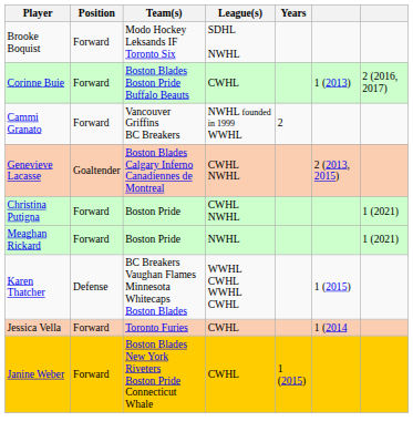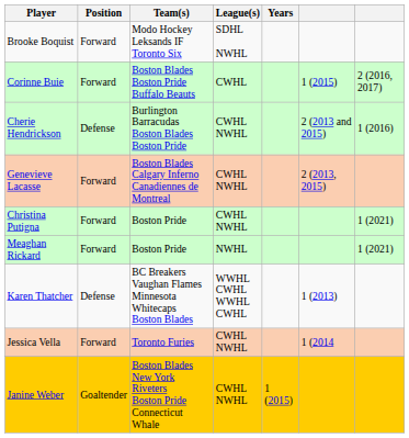 <table class="wikitable sortable">
 <tr>
 <th>Player</th>
 <th>Position</th>
 <th>Team(s)</th>
 <th>League(s)</th>
 <th>Years</th>
 <th><a href='#'></a></th>
 <th><a href='#'></a></th>
 </tr>
 <tr bgcolor=>
 <td>Brooke Boquist</td>
 <td>Forward</td>
 <td>Modo Hockey<br> Leksands IF<br><a href='#'>Toronto Six</a></td>
 <td>SDHL<br><br>NWHL</td>
 <td></td>
 <td></td>
 <td></td>
 </tr>
 <tr bgcolor=CCFFCC>
 <td><a href='#'>Corinne Buie</a></td>
 <td>Forward</td>
 <td><a href='#'>Boston Blades</a><br><a href='#'>Boston Pride</a><br><a href='#'>Buffalo Beauts</a></td>
 <td>CWHL</td>
 <td></td>
-<td>1 (<a href='#'>2013</a>)</td>
+<td>1 (<a href='#'>2015</a>)</td>
 <td>2 (2016, 2017)</td>
 </tr>
-<tr bgcolor=>
-<td><a href='#'>Cammi Granato</a></td>
-<td>Forward</td>
-<td>Vancouver Griffins<br>BC Breakers</td>
-<td>NWHL <small>founded in 1999</small><br>WWHL</td>
-<td>2</td>
+<tr bgcolor=CCFFCC>
+<td><a href='#'>Cherie Hendrickson</a></td>
+<td>Defense</td>
+<td>Burlington Barracudas<br><a href='#'>Boston Blades</a><br><a href='#'>Boston Pride</a></td>
+<td>CWHL<br>NWHL</td>
 <td></td>
-<td></td>
+<td>2 (<a href='#'>2013</a> and <a href='#'>2015</a>)</td>
+<td>1 (2016)</td>
 </tr>
 <tr bgcolor=  FBCEB1>
 <td><a href='#'>Genevieve Lacasse</a></td>
-<td>Goaltender</td>
+<td>Forward</td>
 <td><a href='#'>Boston Blades</a><br><a href='#'>Calgary Inferno</a><br><a href='#'>Canadiennes de Montreal</a></td>
 <td>CWHL<br>NWHL</td>
 <td></td>
 <td>2 (<a href='#'>2013</a>, <a href='#'>2015</a>)</td>
 <td></td>
 </tr>
 <tr bgcolor=CCFFCC>
 <td><a href='#'>Christina Putigna</a></td>
 <td>Forward</td>
 <td>Boston Pride</td>
 <td>CWHL<br>NWHL</td>
 <td></td>
 <td></td>
 <td>1 (2021)</td>
 </tr>
 <tr bgcolor= CCFFCC>
 <td><a href='#'>Meaghan Rickard</a></td>
 <td>Forward</td>
 <td>Boston Pride</td>
 <td>NWHL</td>
 <td></td>
 <td></td>
 <td>1 (2021)</td>
 </tr>
 <tr bgcolor=>
 <td><a href='#'>Karen Thatcher</a></td>
 <td>Defense</td>
 <td>BC Breakers<br>Vaughan Flames<br>Minnesota Whitecaps<br><a href='#'>Boston Blades</a></td>
 <td>WWHL<br>CWHL<br>WWHL<br>CWHL</td>
 <td></td>
-<td>1 (<a href='#'>2015</a>)</td>
+<td>1 (<a href='#'>2013</a>)</td>
 <td></td>
 </tr>
 <tr bgcolor=FBCEB1>
 <td>Jessica Vella</td>
 <td>Forward</td>
 <td><a href='#'>Toronto Furies</a></td>
-<td>CWHL</td>
+<td>CWHL<br>NWHL</td>
 <td></td>
 <td>1 (<a href='#'>2014</a></td>
 <td></td>
 </tr>
 <tr bgcolor=FFCC00>
 <td><a href='#'>Janine Weber</a></td>
-<td>Forward</td>
+<td>Goaltender</td>
 <td><a href='#'>Boston Blades</a><br><a href='#'>New York Riveters</a><br><a href='#'>Boston Pride</a><br>Connecticut Whale</td>
-<td>CWHL</td>
+<td>CWHL<br>NWHL</td>
 <td>1 (<a href='#'>2015</a>)</td>
 <td></td>
 <td></td>
 </tr>
 </table>
